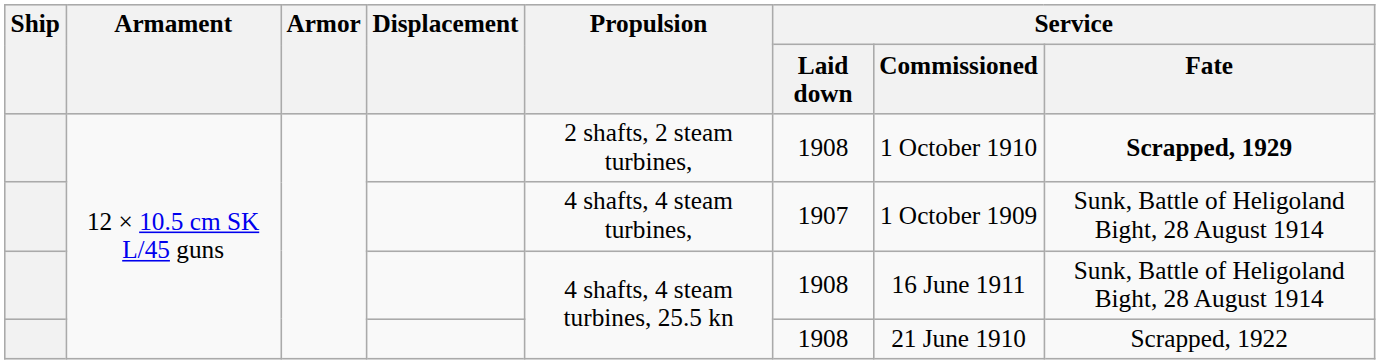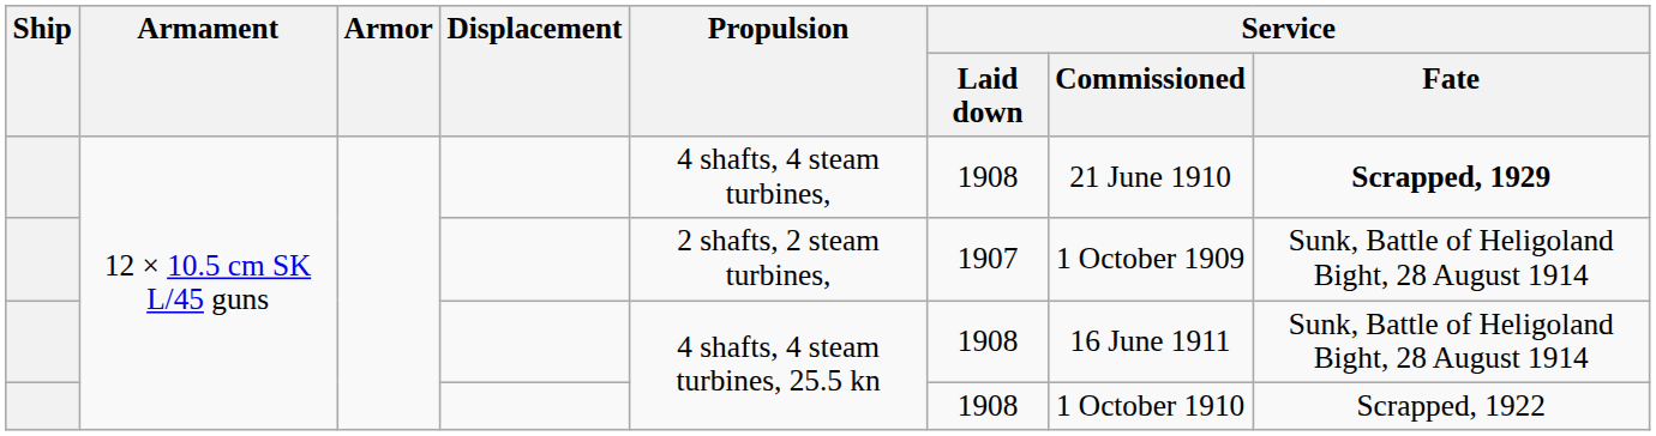 <table class="wikitable plainrowheaders" style="text-align: center;">
 <tr valign="top">
 <th scope="col" rowspan="2">Ship</th>
 <th scope="col" rowspan="2">Armament</th>
 <th scope="col" rowspan="2">Armor</th>
 <th scope="col" rowspan="2">Displacement</th>
 <th scope="col" rowspan="2">Propulsion</th>
 <th scope="col" colspan="3">Service</th>
 </tr>
 <tr valign="top">
 <th scope="col">Laid down</th>
 <th scope="col">Commissioned</th>
 <th scope="col">Fate</th>
 </tr>
 <tr valign="center">
 <th scope="row"></th>
 <td rowspan="4">12 × <a href='#'>10.5 cm SK L/45</a> guns</td>
 <td rowspan="4"></td>
 <td></td>
-<td rowspan="1">2 shafts, 2 steam turbines, </td>
+<td rowspan="1">4 shafts, 4 steam turbines, </td>
 <td>1908</td>
-<td>1 October 1910</td>
+<td>21 June 1910</td>
 <td><strong>Scrapped, 1929</strong></td>
 </tr>
 <tr valign="center">
 <th scope="row"></th>
 <td></td>
-<td rowspan="1">4 shafts, 4 steam turbines, </td>
+<td rowspan="1">2 shafts, 2 steam turbines, </td>
 <td>1907</td>
 <td>1 October 1909</td>
 <td>Sunk, Battle of Heligoland Bight, 28 August 1914</td>
 </tr>
 <tr valign="center">
 <th scope="row"></th>
 <td></td>
 <td rowspan="2">4 shafts, 4 steam turbines, 25.5 kn</td>
 <td>1908</td>
 <td>16 June 1911</td>
 <td>Sunk, Battle of Heligoland Bight, 28 August 1914</td>
 </tr>
 <tr valign="center">
 <th scope="row"></th>
 <td></td>
 <td>1908</td>
-<td>21 June 1910</td>
+<td>1 October 1910</td>
 <td>Scrapped, 1922</td>
 </tr>
 </table>
